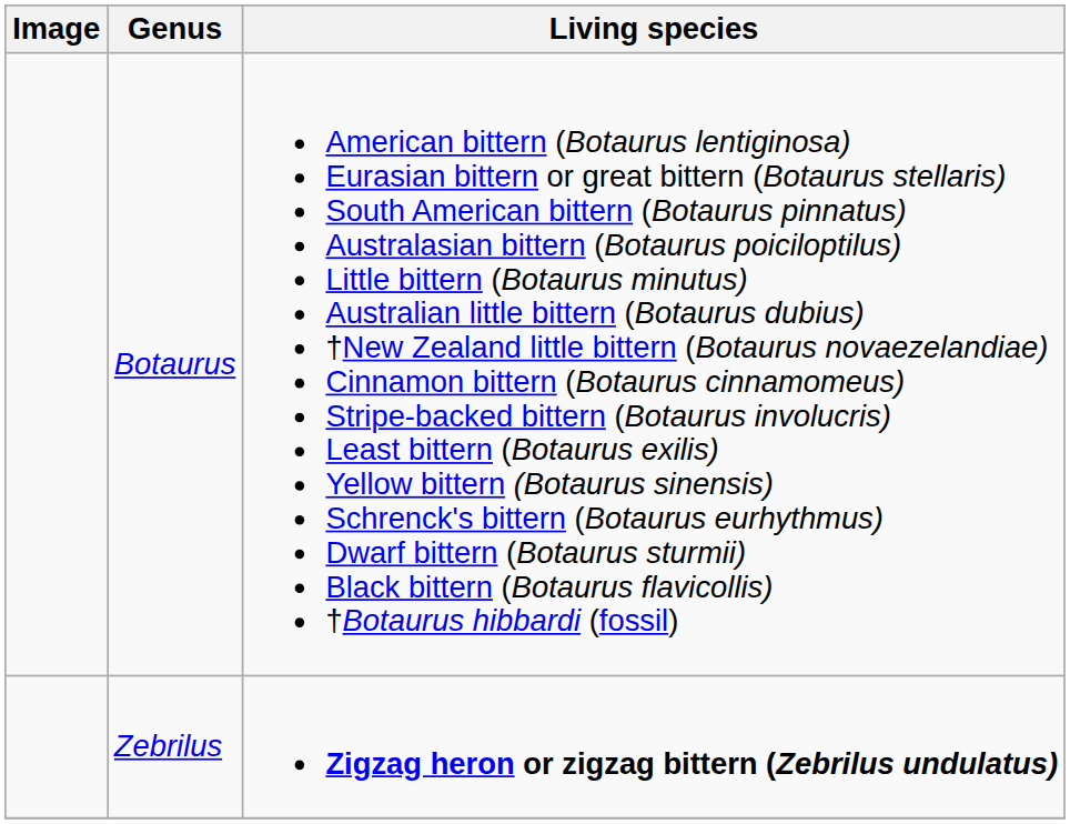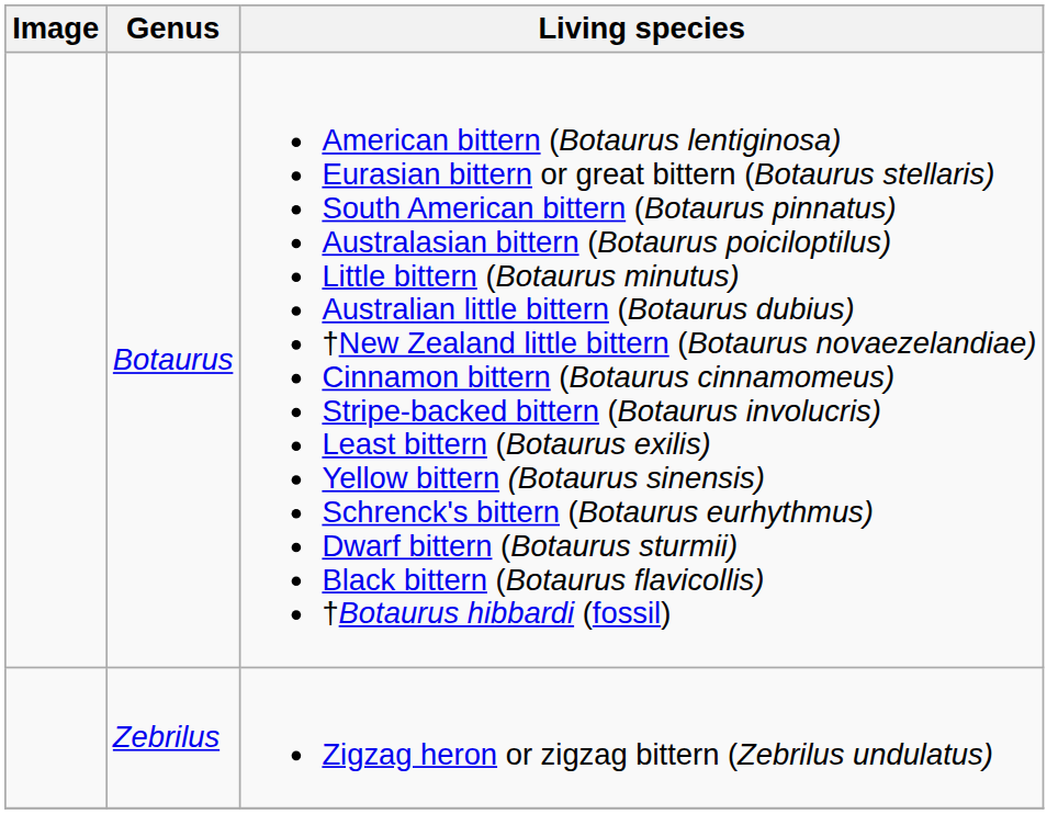 <table class="wikitable">
 <tr>
 <th>Image</th>
 <th>Genus</th>
 <th>Living species</th>
 </tr>
 <tr>
 <td></td>
 <td><em><a href='#'>Botaurus</a></em> </td>
 <td><br><ul><li><a href='#'>American bittern</a> (<em>Botaurus lentiginosa)</em></li><li><a href='#'>Eurasian bittern</a> or great bittern (<em>Botaurus stellaris)</em></li><li><a href='#'>South American bittern</a> (<em>Botaurus pinnatus)</em></li><li><a href='#'>Australasian bittern</a> (<em>Botaurus poiciloptilus)</em></li><li><a href='#'>Little bittern</a> (<em>Botaurus minutus)</em></li><li><a href='#'>Australian little bittern</a> (<em>Botaurus dubius)</em></li><li>†<a href='#'>New Zealand little bittern</a> (<em>Botaurus novaezelandiae)</em></li><li><a href='#'>Cinnamon bittern</a> (<em>Botaurus cinnamomeus)</em></li><li><a href='#'>Stripe-backed bittern</a> (<em>Botaurus involucris)</em></li><li><a href='#'>Least bittern</a> (<em>Botaurus exilis) </em></li><li><a href='#'>Yellow bittern</a><em> (Botaurus sinensis)</em></li><li><a href='#'>Schrenck's bittern</a> (<em>Botaurus eurhythmus) </em></li><li><a href='#'>Dwarf bittern</a> (<em>Botaurus sturmii)</em></li><li><a href='#'>Black bittern</a> (<em>Botaurus flavicollis)</em></li><li>†<em><a href='#'>Botaurus hibbardi</a></em> (<a href='#'>fossil</a>)</li></ul></td>
 </tr>
 <tr>
 <td></td>
 <td><em><a href='#'>Zebrilus</a></em> </td>
-<td><strong><br><ul><li><a href='#'>Zigzag heron</a> or zigzag bittern (<em>Zebrilus undulatus)</em></li></ul></strong></td>
+<td><br><ul><li><a href='#'>Zigzag heron</a> or zigzag bittern (<em>Zebrilus undulatus)</em></li></ul></td>
 </tr>
 <tr>
 </tr>
 </table>
